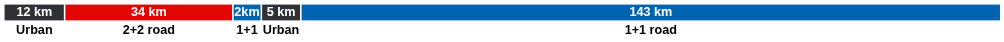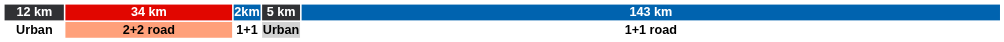 <table style="width:100%; font-weight:bold; text-align:center">
 <tr>
 <td style="background:#303134; width:6.1%; color:white">12 km</td>
 <td style="background:#E10600; width:17.3%; color:white">34 km</td>
 <td style="background:#0063AF; width:1%; color:white">2km</td>
 <td style="background:#303134; width:2.6%; color:white">5 km</td>
 <td style="background:#0063AF; width:73%; color:white">143 km</td>
 </tr>
 <tr>
 <td>Urban</td>
-<td>2+2 road</td>
+<td style="background: lightsalmon;">2+2 road</td>
 <td>1+1</td>
-<td>Urban</td>
+<td style="background: lightgrey;">Urban</td>
 <td>1+1 road</td>
 </tr>
 </table>
